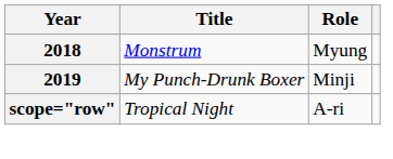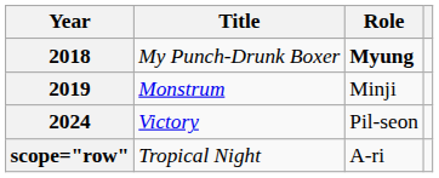 <table class="wikitable plainrowheaders sortable">
 <tr>
 <th scope="col">Year</th>
 <th scope="col">Title</th>
 <th scope="col">Role</th>
 <th scope="col" class="unsortable"></th>
 </tr>
 <tr>
 <th scope="row">2018</th>
-<td><em><a href='#'>Monstrum</a></em></td>
-<td>Myung</td>
+<td><em>My Punch-Drunk Boxer</em></td>
+<td><strong>Myung</strong></td>
 <td style="text-align:center"></td>
 </tr>
 <tr>
 <th scope="row">2019</th>
-<td><em>My Punch-Drunk Boxer</em></td>
+<td><em><a href='#'>Monstrum</a></em></td>
 <td>Minji</td>
+<td style="text-align:center"></td>
+</tr>
+<tr>
+<th scope="row">2024</th>
+<td><em><a href='#'>Victory</a></em></td>
+<td>Pil-seon</td>
 <td style="text-align:center"></td>
 </tr>
 <tr>
 <th>scope="row" </th>
 <td><em>Tropical Night</em></td>
 <td>A-ri</td>
 <td style="text-align:center"></td>
 </tr>
 </table>
